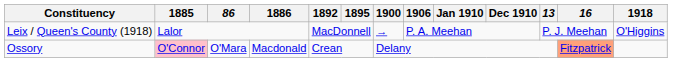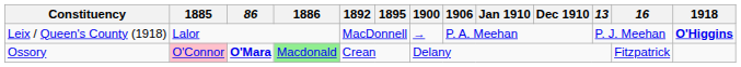 <table class="wikitable">
 <tr>
 <th>Constituency</th>
 <th>1885</th>
 <th><em>86</em></th>
 <th>1886</th>
 <th>1892</th>
 <th>1895</th>
 <th>1900</th>
 <th>1906</th>
 <th>Jan 1910</th>
 <th>Dec 1910</th>
 <th><em>13</em></th>
 <th><em>16</em></th>
 <th>1918</th>
 </tr>
 <tr>
 <td><a href='#'>Leix</a> / <a href='#'>Queen's County</a> (1918)</td>
 <td colspan="3"><a href='#'>Lalor</a></td>
 <td colspan="2"><a href='#'>MacDonnell</a></td>
 <td><a href='#'>→</a></td>
 <td colspan="3"><a href='#'>P. A. Meehan</a></td>
 <td colspan="2"><a href='#'>P. J. Meehan</a></td>
-<td><a href='#'>O'Higgins</a></td>
+<td><strong><a href='#'>O'Higgins</a></strong></td>
 </tr>
 <tr>
 <td><a href='#'>Ossory</a></td>
 <td style="background: pink;"><a href='#'>O'Connor</a></td>
-<td><a href='#'>O'Mara</a></td>
-<td><a href='#'>Macdonald</a></td>
+<td><strong><a href='#'>O'Mara</a></strong></td>
+<td style="background: lightgreen;"><a href='#'>Macdonald</a></td>
 <td colspan="2"><a href='#'>Crean</a></td>
 <td colspan="5"><a href='#'>Delany</a></td>
-<td style="background: lightsalmon;"><a href='#'>Fitzpatrick</a></td>
+<td><a href='#'>Fitzpatrick</a></td>
 <td></td>
 </tr>
 </table>
